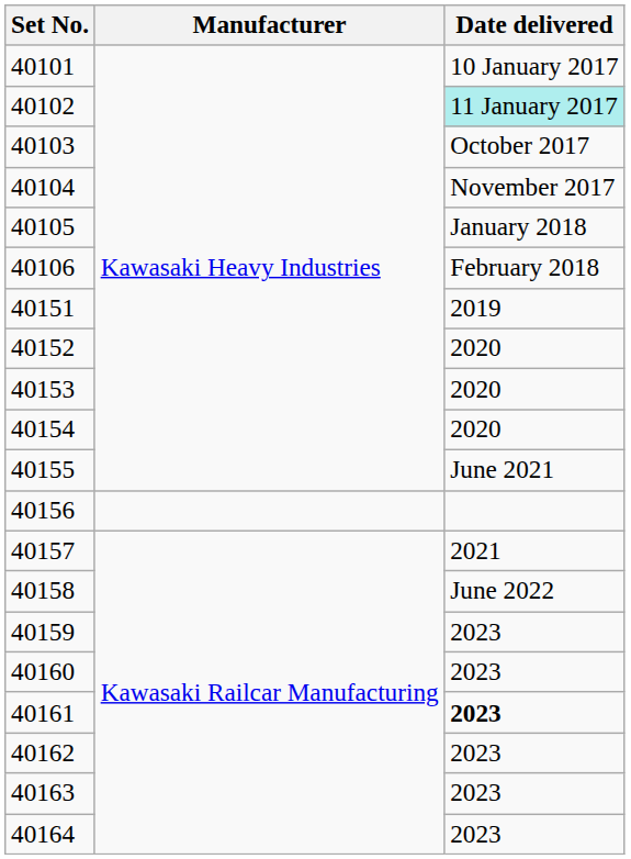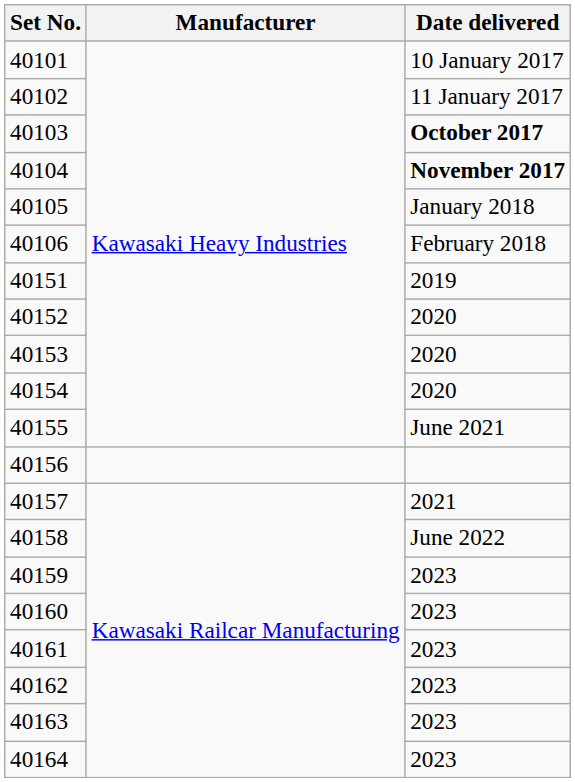 <table class="wikitable">
 <tr>
 <th>Set No.</th>
 <th>Manufacturer</th>
 <th>Date delivered</th>
 </tr>
 <tr>
 <td>40101</td>
 <td rowspan="11"><a href='#'>Kawasaki Heavy Industries</a></td>
 <td>10 January 2017</td>
 </tr>
 <tr>
 <td>40102</td>
-<td style="background: paleturquoise;">11 January 2017</td>
+<td>11 January 2017</td>
 </tr>
 <tr>
 <td>40103</td>
-<td>October 2017</td>
+<td><strong>October 2017</strong></td>
 </tr>
 <tr>
 <td>40104</td>
-<td>November 2017</td>
+<td><strong>November 2017</strong></td>
 </tr>
 <tr>
 <td>40105</td>
 <td>January 2018</td>
 </tr>
 <tr>
 <td>40106</td>
 <td>February 2018</td>
 </tr>
 <tr>
 <td>40151</td>
 <td>2019</td>
 </tr>
 <tr>
 <td>40152</td>
 <td>2020</td>
 </tr>
 <tr>
 <td>40153</td>
 <td>2020</td>
 </tr>
 <tr>
 <td>40154</td>
 <td>2020</td>
 </tr>
 <tr>
 <td>40155</td>
 <td>June 2021</td>
 </tr>
 <tr>
 <td>40156</td>
 <td></td>
 <td></td>
 </tr>
 <tr>
 <td>40157</td>
 <td rowspan="8"><a href='#'>Kawasaki Railcar Manufacturing</a></td>
 <td>2021</td>
 </tr>
 <tr>
 <td>40158</td>
 <td>June 2022</td>
 </tr>
 <tr>
 <td>40159</td>
 <td>2023</td>
 </tr>
 <tr>
 <td>40160</td>
 <td>2023</td>
 </tr>
 <tr>
 <td>40161</td>
-<td><strong>2023</strong></td>
+<td>2023</td>
 </tr>
 <tr>
 <td>40162</td>
 <td>2023</td>
 </tr>
 <tr>
 <td>40163</td>
 <td>2023</td>
 </tr>
 <tr>
 <td>40164</td>
 <td>2023</td>
 </tr>
 </table>
